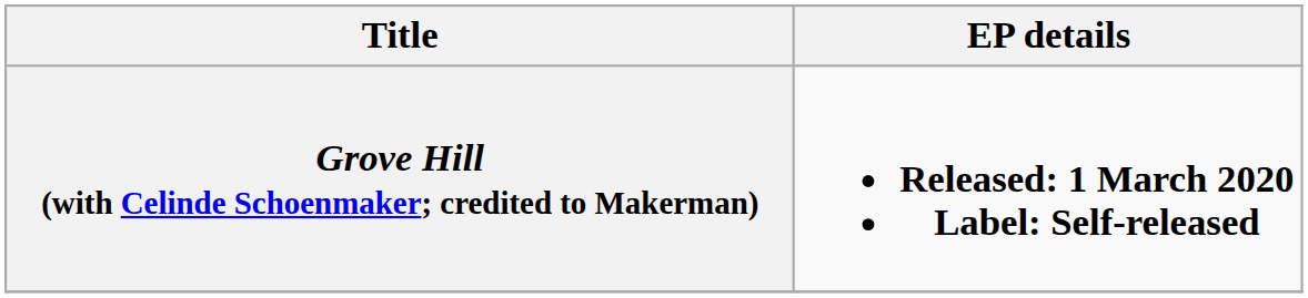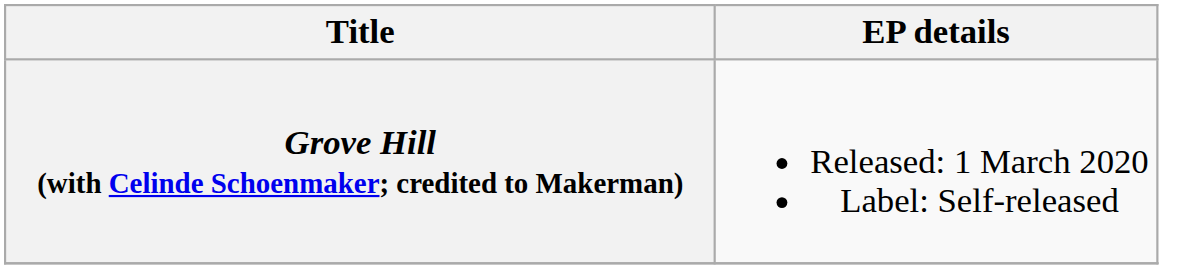 <table class="wikitable plainrowheaders" style="text-align:center;">
 <tr>
 <th scope="col" style="width:20em;">Title</th>
 <th scope="col">EP details</th>
 </tr>
 <tr>
 <th scope="row"><em>Grove Hill</em><br><small>(with <a href='#'>Celinde Schoenmaker</a>; credited to Makerman)</small></th>
-<td><strong><br><ul><li>Released: 1 March 2020</li><li>Label: Self-released</li></ul></strong></td>
+<td><br><ul><li>Released: 1 March 2020</li><li>Label: Self-released</li></ul></td>
 </tr>
 <tr>
 </tr>
 </table>
